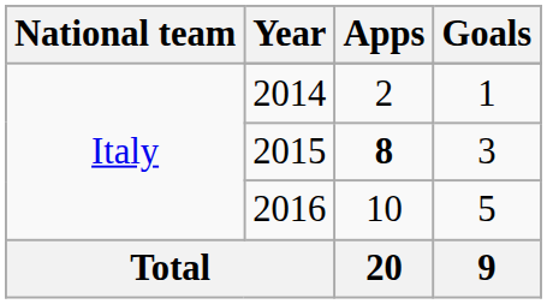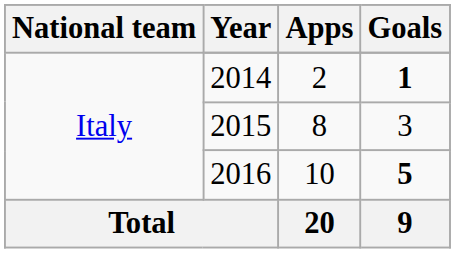 <table class="wikitable" style="text-align:center">
 <tr>
 <th>National team</th>
 <th>Year</th>
 <th>Apps</th>
 <th>Goals</th>
 </tr>
 <tr>
 <td rowspan=4><a href='#'>Italy</a></td>
 </tr>
 <tr>
 <td>2014</td>
 <td>2</td>
-<td>1</td>
+<td><strong>1</strong></td>
 </tr>
 <tr>
 <td>2015</td>
-<td><strong>8</strong></td>
+<td>8</td>
 <td>3</td>
 </tr>
 <tr>
 <td>2016</td>
 <td>10</td>
-<td>5</td>
+<td><strong>5</strong></td>
 </tr>
 <tr>
 <th colspan=2>Total</th>
 <th>20</th>
 <th>9</th>
 </tr>
 </table>
